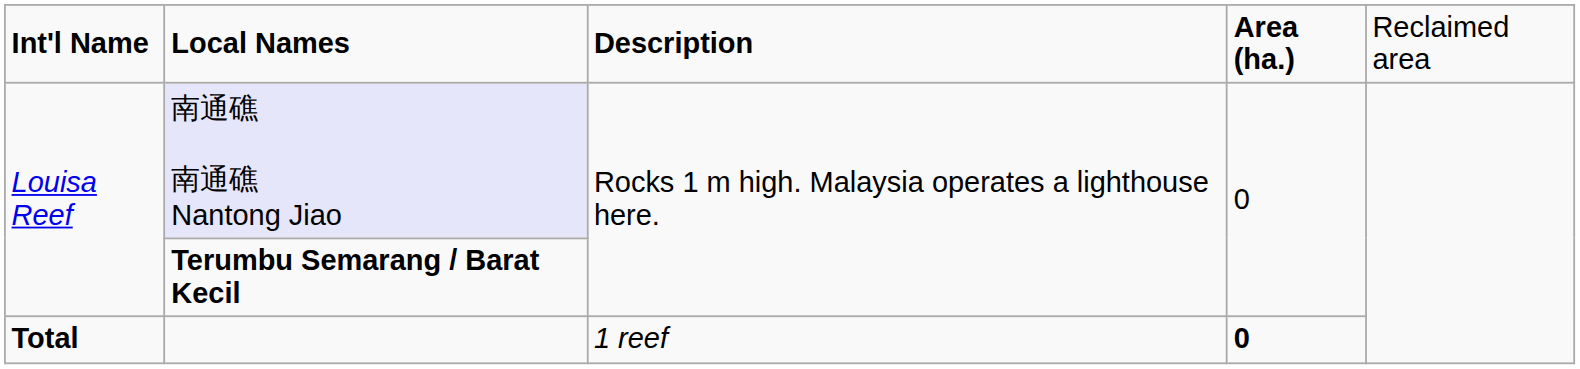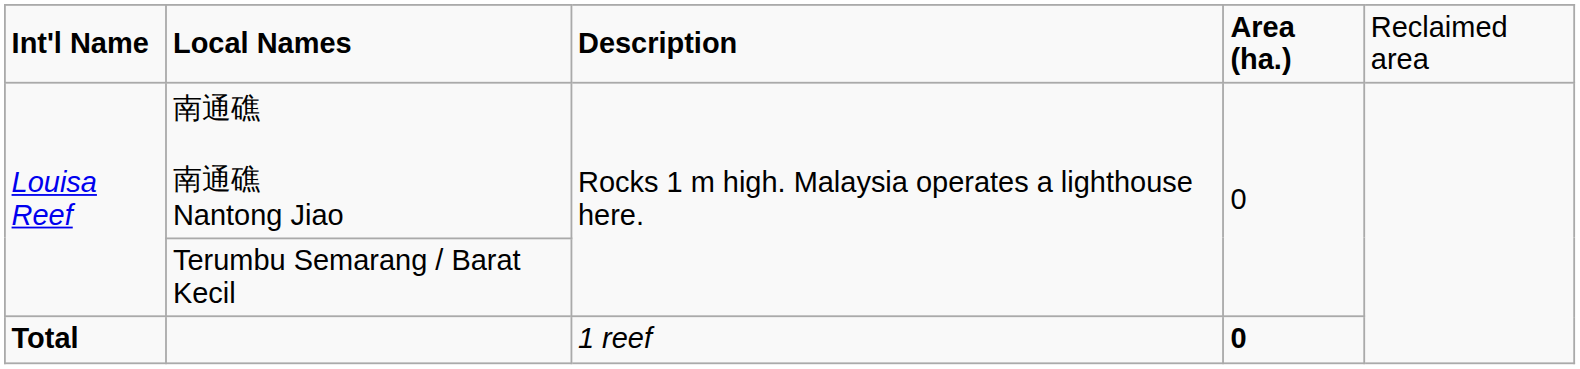 <table class="wikitable">
 <tr>
 <td><strong>Int'l Name</strong></td>
 <td><strong>Local Names</strong></td>
 <td><strong>Description</strong></td>
 <td><strong>Area (ha.)</strong></td>
 <td>Reclaimed area</td>
 </tr>
 <tr>
 <td rowspan="2"><em><a href='#'>Louisa Reef</a></em></td>
-<td style="background: lavender;"> 南通礁<br><br> 南通礁<br> Nantong Jiao</td>
+<td> 南通礁<br><br> 南通礁<br> Nantong Jiao</td>
 <td rowspan="2">Rocks 1 m high. Malaysia operates a lighthouse here.</td>
 <td rowspan="2">0</td>
 </tr>
 <tr>
-<td><strong> Terumbu Semarang / Barat Kecil</strong></td>
+<td> Terumbu Semarang / Barat Kecil</td>
 </tr>
 <tr>
 <td><strong>Total</strong></td>
 <td></td>
 <td><em>1 reef </em></td>
 <td><strong>0</strong></td>
 </tr>
 </table>
